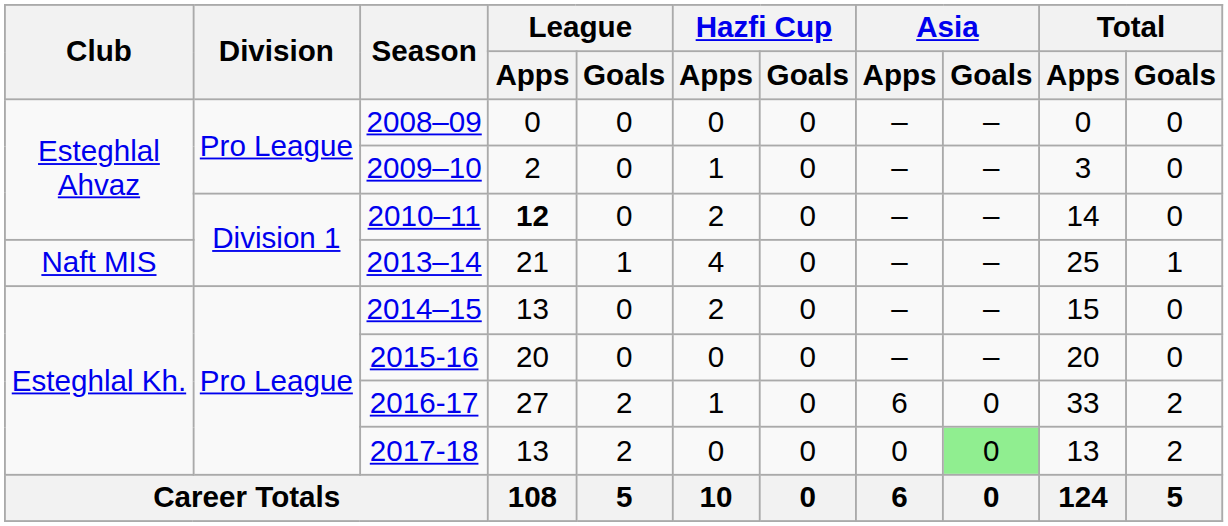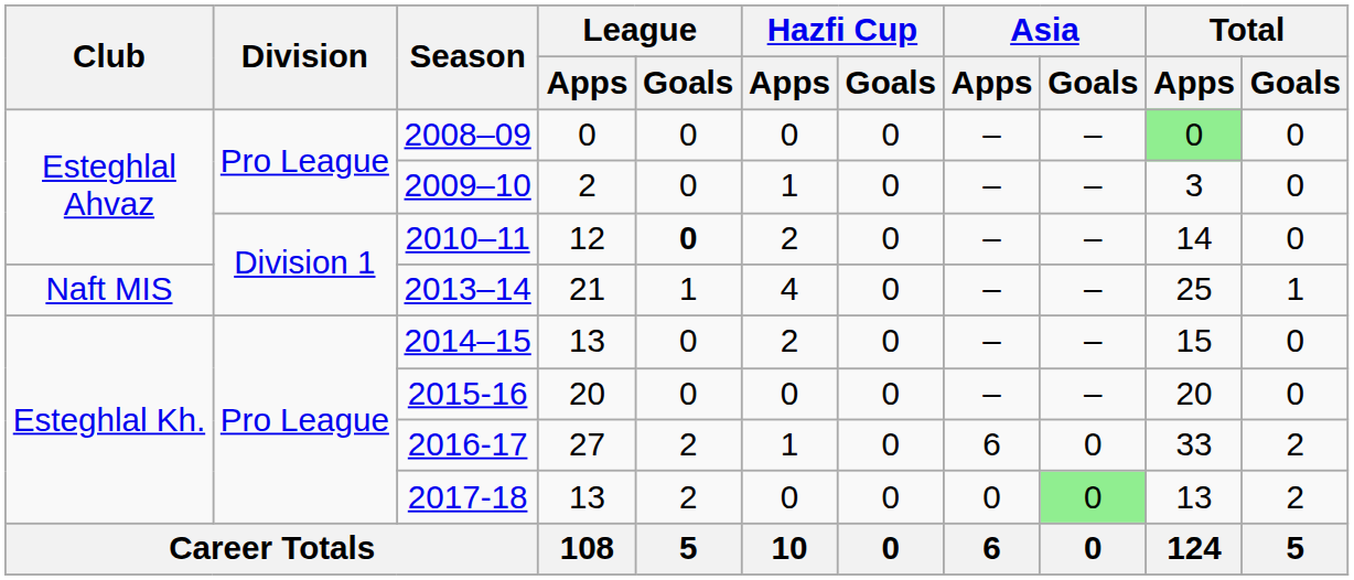 <table class="wikitable" style="text-align: center;">
 <tr>
 <th rowspan="2">Club</th>
 <th rowspan="2">Division</th>
 <th rowspan="2">Season</th>
 <th colspan="2">League</th>
 <th colspan="2"><a href='#'>Hazfi Cup</a></th>
 <th colspan="2"><a href='#'>Asia</a></th>
 <th colspan="2">Total</th>
 </tr>
 <tr>
 <th>Apps</th>
 <th>Goals</th>
 <th>Apps</th>
 <th>Goals</th>
 <th>Apps</th>
 <th>Goals</th>
 <th>Apps</th>
 <th>Goals</th>
 </tr>
 <tr>
 <td rowspan="3"><a href='#'>Esteghlal<br>Ahvaz</a></td>
 <td rowspan="2"><a href='#'>Pro League</a></td>
 <td><a href='#'>2008–09</a></td>
 <td>0</td>
 <td>0</td>
 <td>0</td>
 <td>0</td>
 <td>–</td>
 <td>–</td>
-<td>0</td>
+<td style="background: lightgreen;">0</td>
 <td>0</td>
 </tr>
 <tr>
 <td><a href='#'>2009–10</a></td>
 <td>2</td>
 <td>0</td>
 <td>1</td>
 <td>0</td>
 <td>–</td>
 <td>–</td>
 <td>3</td>
 <td>0</td>
 </tr>
 <tr>
 <td rowspan="2"><a href='#'>Division 1</a></td>
 <td><a href='#'>2010–11</a></td>
-<td><strong>12</strong></td>
-<td>0</td>
+<td>12</td>
+<td><strong>0</strong></td>
 <td>2</td>
 <td>0</td>
 <td>–</td>
 <td>–</td>
 <td>14</td>
 <td>0</td>
 </tr>
 <tr>
 <td><a href='#'>Naft MIS</a></td>
 <td><a href='#'>2013–14</a></td>
 <td>21</td>
 <td>1</td>
 <td>4</td>
 <td>0</td>
 <td>–</td>
 <td>–</td>
 <td>25</td>
 <td>1</td>
 </tr>
 <tr>
 <td rowspan="4"><a href='#'>Esteghlal Kh.</a></td>
 <td rowspan="4"><a href='#'>Pro League</a></td>
 <td><a href='#'>2014–15</a></td>
 <td>13</td>
 <td>0</td>
 <td>2</td>
 <td>0</td>
 <td>–</td>
 <td>–</td>
 <td>15</td>
 <td>0</td>
 </tr>
 <tr>
 <td><a href='#'>2015-16</a></td>
 <td>20</td>
 <td>0</td>
 <td>0</td>
 <td>0</td>
 <td>–</td>
 <td>–</td>
 <td>20</td>
 <td>0</td>
 </tr>
 <tr>
 <td><a href='#'>2016-17</a></td>
 <td>27</td>
 <td>2</td>
 <td>1</td>
 <td>0</td>
 <td>6</td>
 <td>0</td>
 <td>33</td>
 <td>2</td>
 </tr>
 <tr>
 <td><a href='#'>2017-18</a></td>
 <td>13</td>
 <td>2</td>
 <td>0</td>
 <td>0</td>
 <td>0</td>
 <td style="background: lightgreen;">0</td>
 <td>13</td>
 <td>2</td>
 </tr>
 <tr>
 <th colspan="3">Career Totals</th>
 <th>108</th>
 <th>5</th>
 <th>10</th>
 <th>0</th>
 <th>6</th>
 <th>0</th>
 <th>124</th>
 <th>5</th>
 </tr>
 </table>
